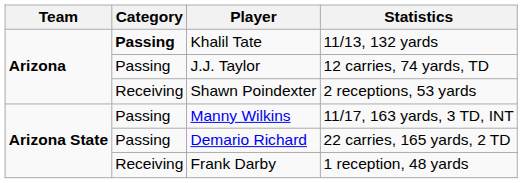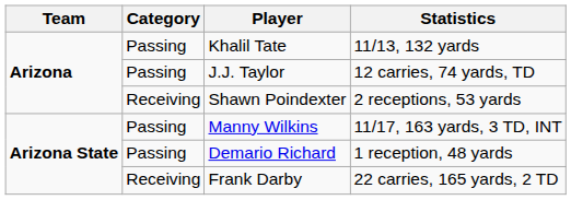 <table class="wikitable" style="float: right;">
 <tr>
 <th>Team</th>
 <th>Category</th>
 <th>Player</th>
 <th>Statistics</th>
 </tr>
 <tr>
 <td rowspan=3><strong>Arizona</strong></td>
-<td><strong>Passing</strong></td>
+<td>Passing</td>
 <td>Khalil Tate</td>
 <td>11/13, 132 yards</td>
 </tr>
 <tr>
 <td>Passing</td>
 <td>J.J. Taylor</td>
 <td>12 carries, 74 yards, TD</td>
 </tr>
 <tr>
 <td>Receiving</td>
 <td>Shawn Poindexter</td>
 <td>2 receptions, 53 yards</td>
 </tr>
 <tr>
 <td rowspan=3><strong>Arizona State</strong></td>
 <td>Passing</td>
 <td><a href='#'>Manny Wilkins</a></td>
 <td>11/17, 163 yards, 3 TD, INT</td>
 </tr>
 <tr>
 <td>Passing</td>
 <td><a href='#'>Demario Richard</a></td>
-<td>22 carries, 165 yards, 2 TD</td>
+<td>1 reception, 48 yards</td>
 </tr>
 <tr>
 <td>Receiving</td>
 <td>Frank Darby</td>
-<td>1 reception, 48 yards</td>
+<td>22 carries, 165 yards, 2 TD</td>
 </tr>
 </table>
